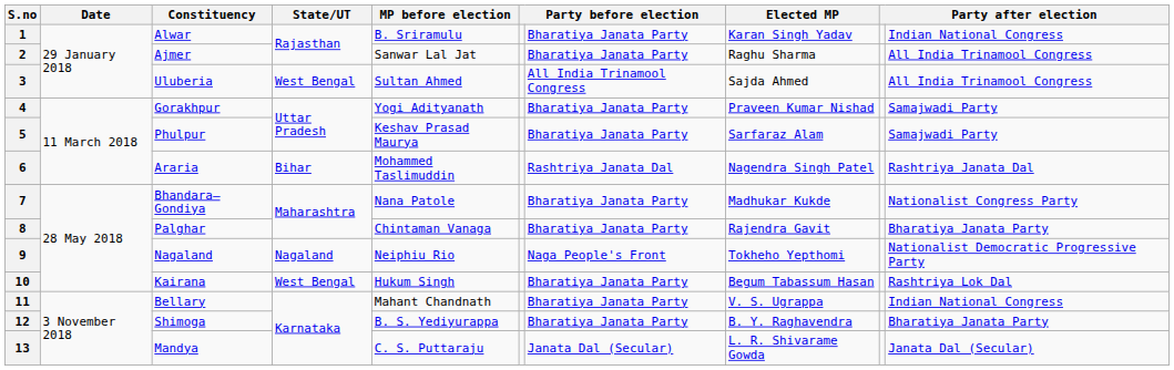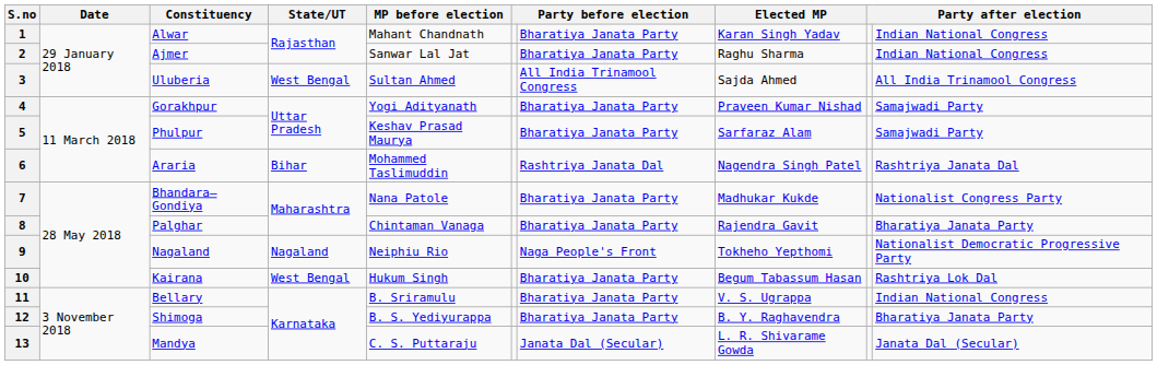 <table class="wikitable sortable">
 <tr>
 <th>S.no</th>
 <th>Date</th>
 <th>Constituency</th>
 <th>State/UT</th>
 <th>MP before election</th>
 <th colspan="2">Party before election</th>
 <th>Elected MP</th>
 <th colspan="2">Party after election</th>
 </tr>
 <tr>
 <th>1</th>
 <td rowspan="3">29 January 2018</td>
 <td><a href='#'>Alwar</a></td>
 <td rowspan="2"><a href='#'>Rajasthan</a></td>
-<td><a href='#'>B. Sriramulu</a></td>
+<td>Mahant Chandnath</td>
 <td></td>
 <td><a href='#'>Bharatiya Janata Party</a></td>
 <td><a href='#'>Karan Singh Yadav</a></td>
 <td></td>
 <td><a href='#'>Indian National Congress</a></td>
 </tr>
 <tr>
 <th>2</th>
 <td><a href='#'>Ajmer</a></td>
 <td>Sanwar Lal Jat</td>
 <td></td>
 <td><a href='#'>Bharatiya Janata Party</a></td>
 <td>Raghu Sharma</td>
 <td></td>
-<td><a href='#'>All India Trinamool Congress</a></td>
+<td><a href='#'>Indian National Congress</a></td>
 </tr>
 <tr>
 <th>3</th>
 <td><a href='#'>Uluberia</a></td>
 <td><a href='#'>West Bengal</a></td>
 <td><a href='#'>Sultan Ahmed</a></td>
 <td></td>
 <td><a href='#'>All India Trinamool Congress</a></td>
 <td>Sajda Ahmed</td>
 <td></td>
 <td><a href='#'>All India Trinamool Congress</a></td>
 </tr>
 <tr>
 <th>4</th>
 <td rowspan="3">11 March 2018</td>
 <td><a href='#'>Gorakhpur</a></td>
 <td rowspan="2"><a href='#'>Uttar Pradesh</a></td>
 <td><a href='#'>Yogi Adityanath</a></td>
 <td></td>
 <td><a href='#'>Bharatiya Janata Party</a></td>
 <td><a href='#'>Praveen Kumar Nishad</a></td>
 <td></td>
 <td><a href='#'>Samajwadi Party</a></td>
 </tr>
 <tr>
 <th>5</th>
 <td><a href='#'>Phulpur</a></td>
 <td><a href='#'>Keshav Prasad Maurya</a></td>
 <td></td>
 <td><a href='#'>Bharatiya Janata Party</a></td>
 <td><a href='#'>Sarfaraz Alam</a></td>
 <td></td>
 <td><a href='#'>Samajwadi Party</a></td>
 </tr>
 <tr>
 <th>6</th>
 <td><a href='#'>Araria</a></td>
 <td><a href='#'>Bihar</a></td>
 <td><a href='#'>Mohammed Taslimuddin</a></td>
 <td></td>
 <td><a href='#'>Rashtriya Janata Dal</a></td>
 <td><a href='#'>Nagendra Singh Patel</a></td>
 <td></td>
 <td><a href='#'>Rashtriya Janata Dal</a></td>
 </tr>
 <tr>
 <th>7</th>
 <td rowspan="4">28 May 2018</td>
 <td><a href='#'>Bhandara–Gondiya</a></td>
 <td rowspan="2"><a href='#'>Maharashtra</a></td>
 <td><a href='#'>Nana Patole</a></td>
 <td></td>
 <td><a href='#'>Bharatiya Janata Party</a></td>
 <td><a href='#'>Madhukar Kukde</a></td>
 <td></td>
 <td><a href='#'>Nationalist Congress Party</a></td>
 </tr>
 <tr>
 <th>8</th>
 <td><a href='#'>Palghar</a></td>
 <td><a href='#'>Chintaman Vanaga</a></td>
 <td></td>
 <td><a href='#'>Bharatiya Janata Party</a></td>
 <td><a href='#'>Rajendra Gavit</a></td>
 <td></td>
 <td><a href='#'>Bharatiya Janata Party</a></td>
 </tr>
 <tr>
 <th>9</th>
 <td><a href='#'>Nagaland</a></td>
 <td><a href='#'>Nagaland</a></td>
 <td><a href='#'>Neiphiu Rio</a></td>
 <td></td>
 <td><a href='#'>Naga People's Front</a></td>
 <td><a href='#'>Tokheho Yepthomi</a></td>
 <td></td>
 <td><a href='#'>Nationalist Democratic Progressive Party</a></td>
 </tr>
 <tr>
 <th>10</th>
 <td><a href='#'>Kairana</a></td>
 <td><a href='#'>West Bengal</a></td>
 <td><a href='#'>Hukum Singh</a></td>
 <td></td>
 <td><a href='#'>Bharatiya Janata Party</a></td>
 <td><a href='#'>Begum Tabassum Hasan</a></td>
 <td></td>
 <td><a href='#'>Rashtriya Lok Dal</a></td>
 </tr>
 <tr>
 <th>11</th>
 <td rowspan="3">3 November 2018</td>
 <td><a href='#'>Bellary</a></td>
 <td rowspan="3"><a href='#'>Karnataka</a></td>
-<td>Mahant Chandnath</td>
+<td><a href='#'>B. Sriramulu</a></td>
 <td></td>
 <td><a href='#'>Bharatiya Janata Party</a></td>
 <td><a href='#'>V. S. Ugrappa</a></td>
 <td></td>
 <td><a href='#'>Indian National Congress</a></td>
 </tr>
 <tr>
 <th>12</th>
 <td><a href='#'>Shimoga</a></td>
 <td><a href='#'>B. S. Yediyurappa</a></td>
 <td></td>
 <td><a href='#'>Bharatiya Janata Party</a></td>
 <td><a href='#'>B. Y. Raghavendra</a></td>
 <td></td>
 <td><a href='#'>Bharatiya Janata Party</a></td>
 </tr>
 <tr>
 <th>13</th>
 <td><a href='#'>Mandya</a></td>
 <td><a href='#'>C. S. Puttaraju</a></td>
 <td></td>
 <td><a href='#'>Janata Dal (Secular)</a></td>
 <td><a href='#'>L. R. Shivarame Gowda</a></td>
 <td></td>
 <td><a href='#'>Janata Dal (Secular)</a></td>
 </tr>
 </table>
